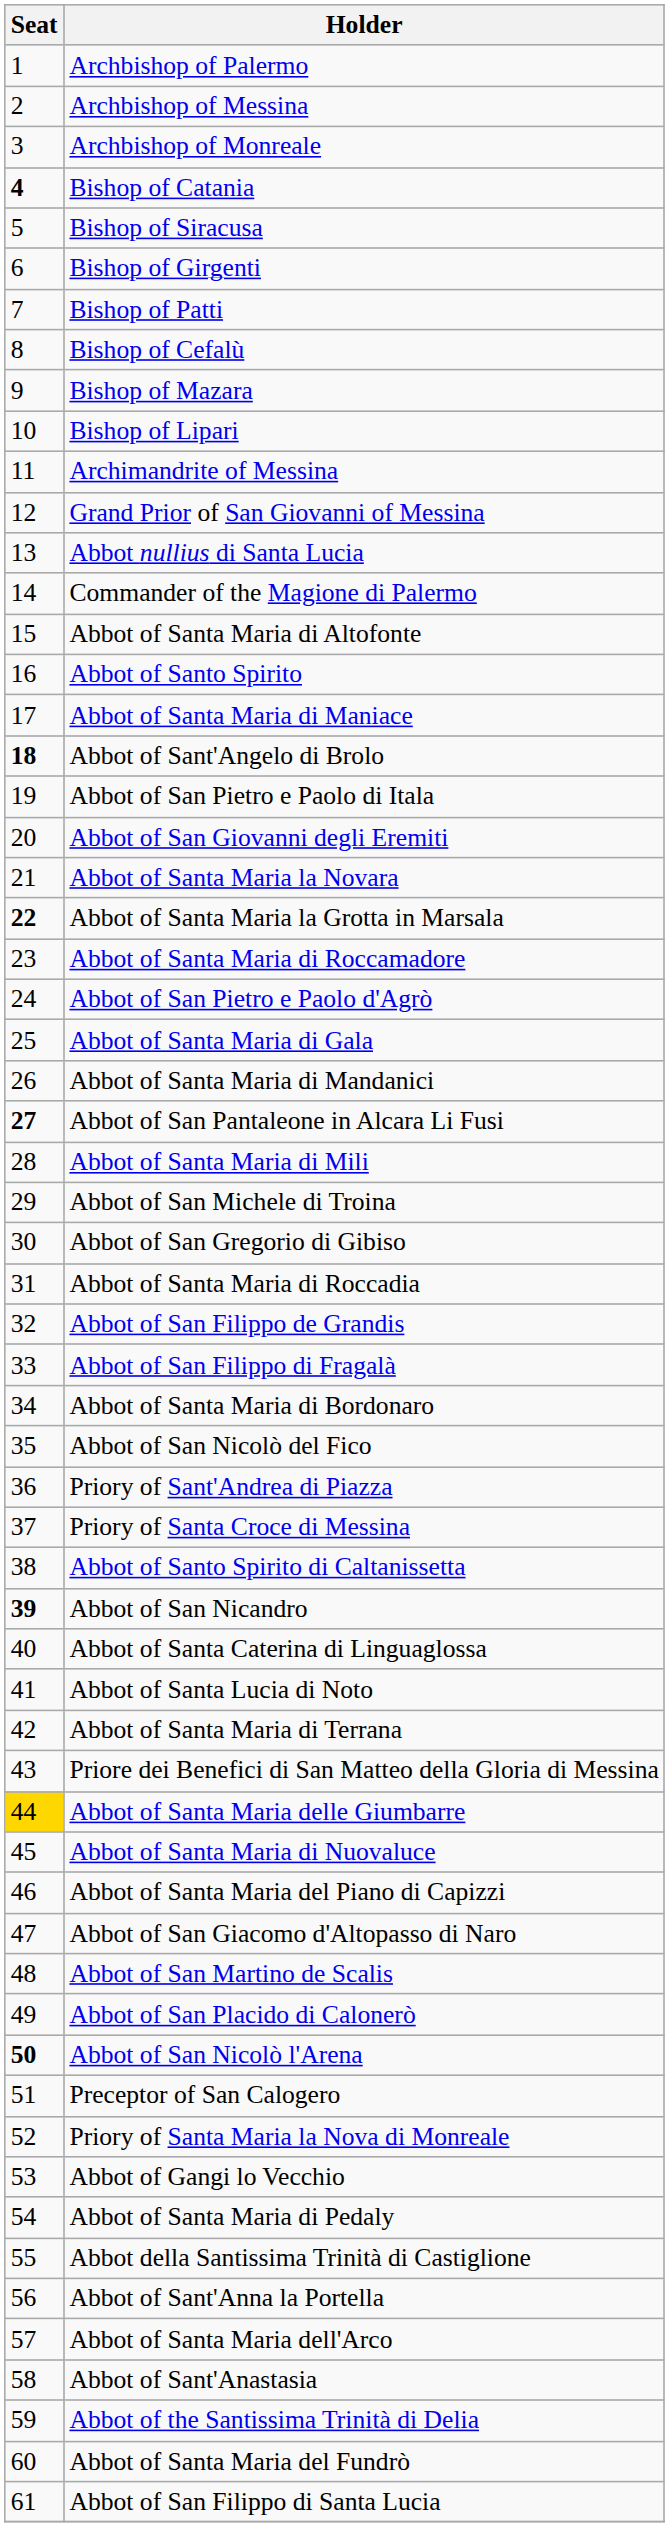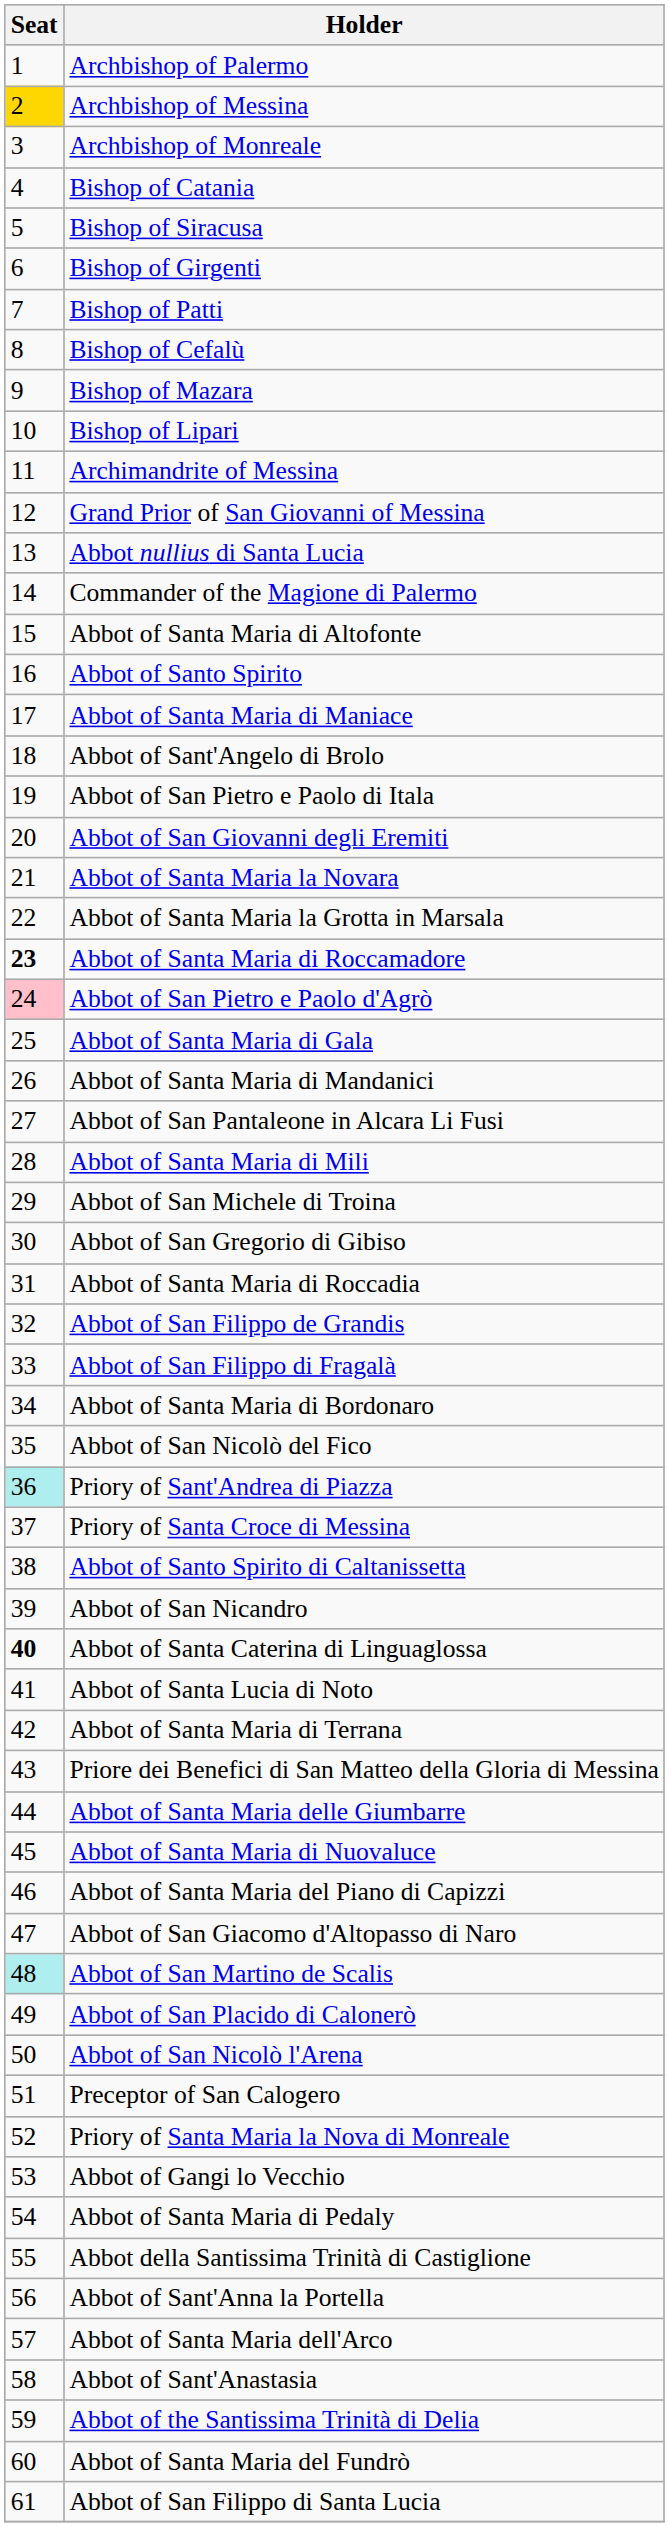 <table class="wikitable">
 <tr>
 <th>Seat</th>
 <th>Holder</th>
 </tr>
 <tr>
 <td>1</td>
 <td><a href='#'>Archbishop of Palermo</a></td>
 </tr>
 <tr>
-<td>2</td>
+<td style="background: gold;">2</td>
 <td><a href='#'>Archbishop of Messina</a></td>
 </tr>
 <tr>
 <td>3</td>
 <td><a href='#'>Archbishop of Monreale</a></td>
 </tr>
 <tr>
-<td><strong>4</strong></td>
+<td>4</td>
 <td><a href='#'>Bishop of Catania</a></td>
 </tr>
 <tr>
 <td>5</td>
 <td><a href='#'>Bishop of Siracusa</a></td>
 </tr>
 <tr>
 <td>6</td>
 <td><a href='#'>Bishop of Girgenti</a></td>
 </tr>
 <tr>
 <td>7</td>
 <td><a href='#'>Bishop of Patti</a></td>
 </tr>
 <tr>
 <td>8</td>
 <td><a href='#'>Bishop of Cefalù</a></td>
 </tr>
 <tr>
 <td>9</td>
 <td><a href='#'>Bishop of Mazara</a></td>
 </tr>
 <tr>
 <td>10</td>
 <td><a href='#'>Bishop of Lipari</a></td>
 </tr>
 <tr>
 <td>11</td>
 <td><a href='#'>Archimandrite of Messina</a></td>
 </tr>
 <tr>
 <td>12</td>
 <td><a href='#'>Grand Prior</a> of <a href='#'>San Giovanni of Messina</a></td>
 </tr>
 <tr>
 <td>13</td>
 <td><a href='#'>Abbot <em>nullius</em> di Santa Lucia</a></td>
 </tr>
 <tr>
 <td>14</td>
 <td>Commander of the <a href='#'>Magione di Palermo</a></td>
 </tr>
 <tr>
 <td>15</td>
 <td>Abbot of Santa Maria di Altofonte</td>
 </tr>
 <tr>
 <td>16</td>
 <td><a href='#'>Abbot of Santo Spirito</a></td>
 </tr>
 <tr>
 <td>17</td>
 <td><a href='#'>Abbot of Santa Maria di Maniace</a></td>
 </tr>
 <tr>
-<td><strong>18</strong></td>
+<td>18</td>
 <td>Abbot of Sant'Angelo di Brolo</td>
 </tr>
 <tr>
 <td>19</td>
 <td>Abbot of San Pietro e Paolo di Itala</td>
 </tr>
 <tr>
 <td>20</td>
 <td><a href='#'>Abbot of San Giovanni degli Eremiti</a></td>
 </tr>
 <tr>
 <td>21</td>
 <td><a href='#'>Abbot of Santa Maria la Novara</a></td>
 </tr>
 <tr>
-<td><strong>22</strong></td>
+<td>22</td>
 <td>Abbot of Santa Maria la Grotta in Marsala</td>
 </tr>
 <tr>
-<td>23</td>
+<td><strong>23</strong></td>
 <td><a href='#'>Abbot of Santa Maria di Roccamadore</a></td>
 </tr>
 <tr>
-<td>24</td>
+<td style="background: pink;">24</td>
 <td><a href='#'>Abbot of San Pietro e Paolo d'Agrò</a></td>
 </tr>
 <tr>
 <td>25</td>
 <td><a href='#'>Abbot of Santa Maria di Gala</a></td>
 </tr>
 <tr>
 <td>26</td>
 <td>Abbot of Santa Maria di Mandanici</td>
 </tr>
 <tr>
-<td><strong>27</strong></td>
+<td>27</td>
 <td>Abbot of San Pantaleone in Alcara Li Fusi</td>
 </tr>
 <tr>
 <td>28</td>
 <td><a href='#'>Abbot of Santa Maria di Mili</a></td>
 </tr>
 <tr>
 <td>29</td>
 <td>Abbot of San Michele di Troina</td>
 </tr>
 <tr>
 <td>30</td>
 <td>Abbot of San Gregorio di Gibiso</td>
 </tr>
 <tr>
 <td>31</td>
 <td>Abbot of Santa Maria di Roccadia</td>
 </tr>
 <tr>
 <td>32</td>
 <td><a href='#'>Abbot of San Filippo de Grandis</a></td>
 </tr>
 <tr>
 <td>33</td>
 <td><a href='#'>Abbot of San Filippo di Fragalà</a></td>
 </tr>
 <tr>
 <td>34</td>
 <td>Abbot of Santa Maria di Bordonaro</td>
 </tr>
 <tr>
 <td>35</td>
 <td>Abbot of San Nicolò del Fico</td>
 </tr>
 <tr>
-<td>36</td>
+<td style="background: paleturquoise;">36</td>
 <td>Priory of <a href='#'>Sant'Andrea di Piazza</a></td>
 </tr>
 <tr>
 <td>37</td>
 <td>Priory of <a href='#'>Santa Croce di Messina</a></td>
 </tr>
 <tr>
 <td>38</td>
 <td><a href='#'>Abbot of Santo Spirito di Caltanissetta</a></td>
 </tr>
 <tr>
-<td><strong>39</strong></td>
+<td>39</td>
 <td>Abbot of San Nicandro</td>
 </tr>
 <tr>
-<td>40</td>
+<td><strong>40</strong></td>
 <td>Abbot of Santa Caterina di Linguaglossa</td>
 </tr>
 <tr>
 <td>41</td>
 <td>Abbot of Santa Lucia di Noto</td>
 </tr>
 <tr>
 <td>42</td>
 <td>Abbot of Santa Maria di Terrana</td>
 </tr>
 <tr>
 <td>43</td>
 <td>Priore dei Benefici di San Matteo della Gloria di Messina</td>
 </tr>
 <tr>
-<td style="background: gold;">44</td>
+<td>44</td>
 <td><a href='#'>Abbot of Santa Maria delle Giumbarre</a></td>
 </tr>
 <tr>
 <td>45</td>
 <td><a href='#'>Abbot of Santa Maria di Nuovaluce</a></td>
 </tr>
 <tr>
 <td>46</td>
 <td>Abbot of Santa Maria del Piano di Capizzi</td>
 </tr>
 <tr>
 <td>47</td>
 <td>Abbot of San Giacomo d'Altopasso di Naro</td>
 </tr>
 <tr>
-<td>48</td>
+<td style="background: paleturquoise;">48</td>
 <td><a href='#'>Abbot of San Martino de Scalis</a></td>
 </tr>
 <tr>
 <td>49</td>
 <td><a href='#'>Abbot of San Placido di Calonerò</a></td>
 </tr>
 <tr>
-<td><strong>50</strong></td>
+<td>50</td>
 <td><a href='#'>Abbot of San Nicolò l'Arena</a></td>
 </tr>
 <tr>
 <td>51</td>
 <td>Preceptor of San Calogero</td>
 </tr>
 <tr>
 <td>52</td>
 <td>Priory of <a href='#'>Santa Maria la Nova di Monreale</a></td>
 </tr>
 <tr>
 <td>53</td>
 <td>Abbot of Gangi lo Vecchio</td>
 </tr>
 <tr>
 <td>54</td>
 <td>Abbot of Santa Maria di Pedaly</td>
 </tr>
 <tr>
 <td>55</td>
 <td>Abbot della Santissima Trinità di Castiglione</td>
 </tr>
 <tr>
 <td>56</td>
 <td>Abbot of Sant'Anna la Portella</td>
 </tr>
 <tr>
 <td>57</td>
 <td>Abbot of Santa Maria dell'Arco</td>
 </tr>
 <tr>
 <td>58</td>
 <td>Abbot of Sant'Anastasia</td>
 </tr>
 <tr>
 <td>59</td>
 <td><a href='#'>Abbot of the Santissima Trinità di Delia</a></td>
 </tr>
 <tr>
 <td>60</td>
 <td>Abbot of Santa Maria del Fundrò</td>
 </tr>
 <tr>
 <td>61</td>
 <td>Abbot of San Filippo di Santa Lucia</td>
 </tr>
 <tr>
 </tr>
 </table>
